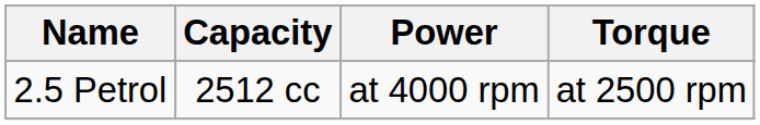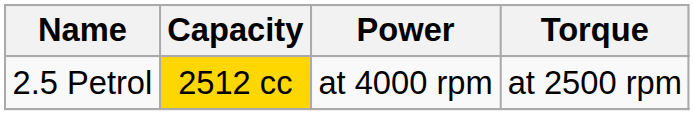 <table class="wikitable" style="text-align: center; font-size: 100%;">
 <tr style="background:#DCDCDC" align="center" valign="middle">
 <th>Name</th>
 <th>Capacity</th>
 <th>Power</th>
 <th>Torque</th>
 </tr>
 <tr>
 </tr>
 <tr>
 <td>2.5 Petrol</td>
-<td>2512 cc</td>
+<td style="background: gold;">2512 cc</td>
 <td> at 4000 rpm</td>
 <td> at 2500 rpm</td>
 </tr>
 <tr>
 </tr>
 </table>
